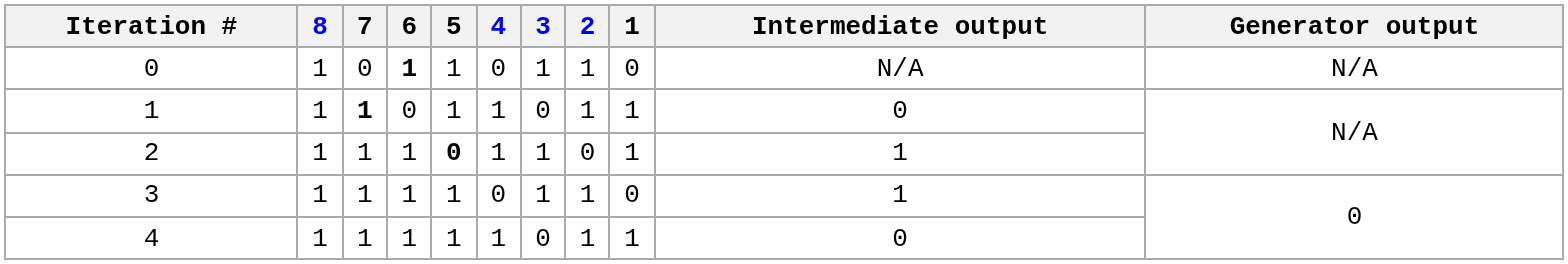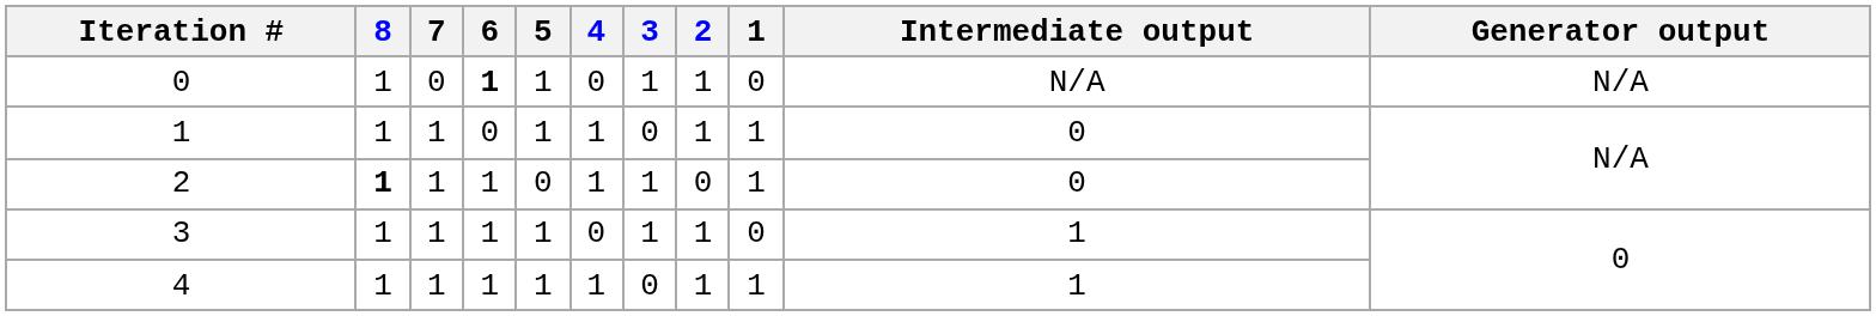 <table class="wikitable" style="background: transparent; text-align:center; width:60em">
 <tr>
 <th>Iteration #</th>
 <th style="color: blue">8</th>
 <th>7</th>
 <th>6</th>
 <th>5</th>
 <th style="color: blue">4</th>
 <th style="color:blue">3</th>
 <th style="color: blue">2</th>
 <th>1</th>
 <th>Intermediate output</th>
 <th>Generator output</th>
 </tr>
 <tr>
 <td>0</td>
 <td>1</td>
 <td>0</td>
 <td><strong>1</strong></td>
 <td>1</td>
 <td>0</td>
 <td>1</td>
 <td>1</td>
 <td>0</td>
 <td>N/A</td>
 <td>N/A</td>
 </tr>
 <tr>
 <td>1</td>
 <td>1</td>
-<td><strong>1</strong></td>
+<td>1</td>
 <td>0</td>
 <td>1</td>
 <td>1</td>
 <td>0</td>
 <td>1</td>
 <td>1</td>
 <td>0</td>
 <td rowspan="2">N/A</td>
 </tr>
 <tr>
 <td>2</td>
-<td>1</td>
-<td>1</td>
-<td>1</td>
-<td><strong>0</strong></td>
+<td><strong>1</strong></td>
 <td>1</td>
 <td>1</td>
 <td>0</td>
 <td>1</td>
 <td>1</td>
+<td>0</td>
+<td>1</td>
+<td>0</td>
 </tr>
 <tr>
 <td>3</td>
 <td>1</td>
 <td>1</td>
 <td>1</td>
 <td>1</td>
 <td>0</td>
 <td>1</td>
 <td>1</td>
 <td>0</td>
 <td>1</td>
 <td rowspan="2">0</td>
 </tr>
 <tr>
 <td>4</td>
 <td>1</td>
 <td>1</td>
 <td>1</td>
 <td>1</td>
 <td>1</td>
 <td>0</td>
 <td>1</td>
 <td>1</td>
-<td>0</td>
+<td>1</td>
 </tr>
 </table>
